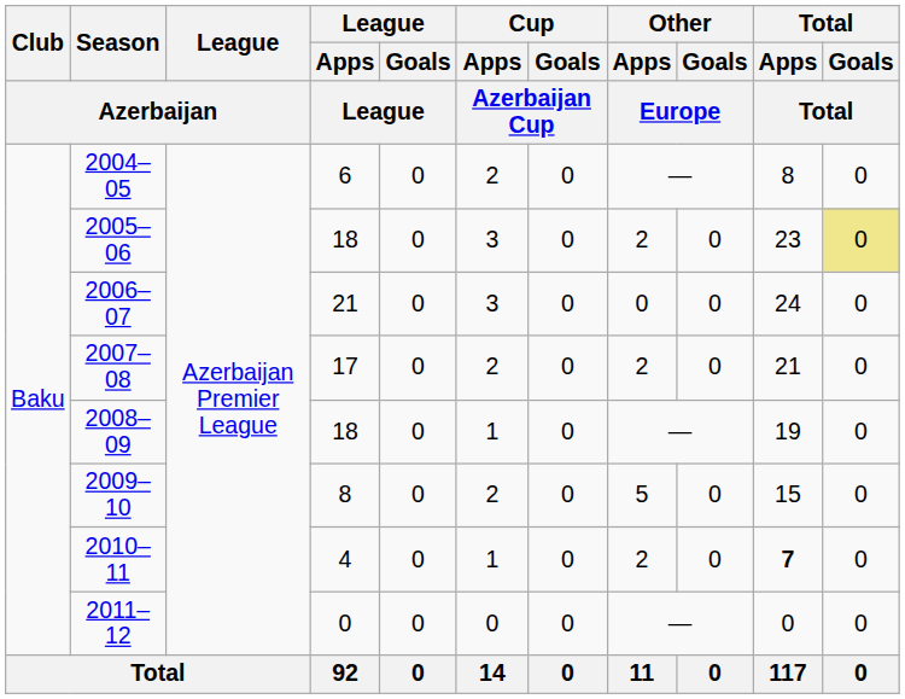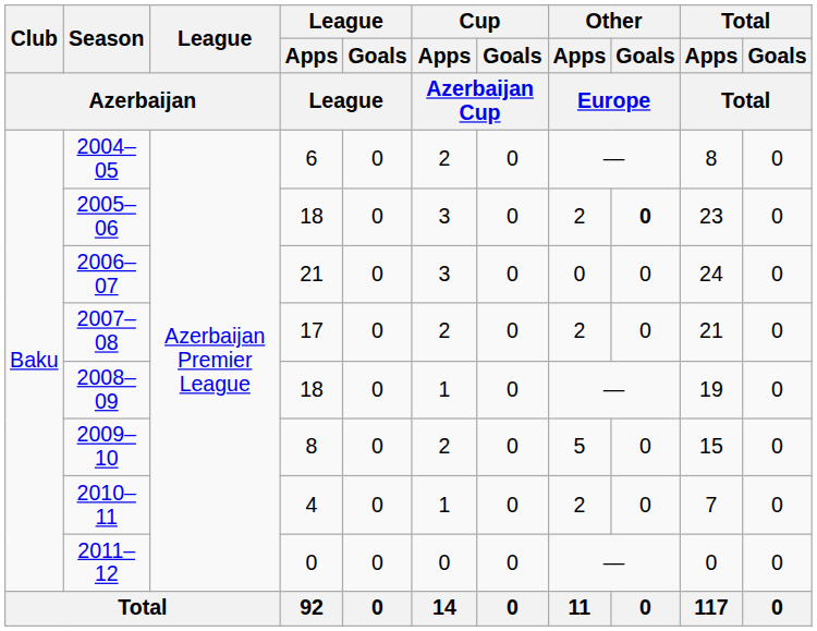 <table class="wikitable" style="text-align:center">
 <tr>
 <th rowspan="2">Club</th>
 <th rowspan="2">Season</th>
 <th rowspan="2">League</th>
 <th colspan="2">League</th>
 <th colspan="2">Cup</th>
 <th colspan="2">Other</th>
 <th colspan="3">Total</th>
 </tr>
 <tr>
 <th>Apps</th>
 <th>Goals</th>
 <th>Apps</th>
 <th>Goals</th>
 <th>Apps</th>
 <th>Goals</th>
 <th>Apps</th>
 <th>Goals</th>
 </tr>
 <tr>
 <th colspan="3">Azerbaijan</th>
 <th colspan="2">League</th>
 <th colspan="2"><a href='#'>Azerbaijan Cup</a></th>
 <th colspan="2"><a href='#'>Europe</a></th>
 <th colspan="3">Total</th>
 </tr>
 <tr>
 <td rowspan="8"><a href='#'>Baku</a></td>
 <td><a href='#'>2004–05</a></td>
 <td rowspan="8"><a href='#'>Azerbaijan Premier League</a></td>
 <td>6</td>
 <td>0</td>
 <td>2</td>
 <td>0</td>
 <td colspan="2">—</td>
 <td>8</td>
 <td>0</td>
 </tr>
 <tr>
 <td><a href='#'>2005–06</a></td>
 <td>18</td>
 <td>0</td>
 <td>3</td>
 <td>0</td>
 <td>2</td>
+<td><strong>0</strong></td>
+<td>23</td>
 <td>0</td>
-<td>23</td>
-<td style="background: khaki;">0</td>
 </tr>
 <tr>
 <td><a href='#'>2006–07</a></td>
 <td>21</td>
 <td>0</td>
 <td>3</td>
 <td>0</td>
 <td>0</td>
 <td>0</td>
 <td>24</td>
 <td>0</td>
 </tr>
 <tr>
 <td><a href='#'>2007–08</a></td>
 <td>17</td>
 <td>0</td>
 <td>2</td>
 <td>0</td>
 <td>2</td>
 <td>0</td>
 <td>21</td>
 <td>0</td>
 </tr>
 <tr>
 <td><a href='#'>2008–09</a></td>
 <td>18</td>
 <td>0</td>
 <td>1</td>
 <td>0</td>
 <td colspan="2">—</td>
 <td>19</td>
 <td>0</td>
 </tr>
 <tr>
 <td><a href='#'>2009–10</a></td>
 <td>8</td>
 <td>0</td>
 <td>2</td>
 <td>0</td>
 <td>5</td>
 <td>0</td>
 <td>15</td>
 <td>0</td>
 </tr>
 <tr>
 <td><a href='#'>2010–11</a></td>
 <td>4</td>
 <td>0</td>
 <td>1</td>
 <td>0</td>
 <td>2</td>
 <td>0</td>
-<td><strong>7</strong></td>
+<td>7</td>
 <td>0</td>
 </tr>
 <tr>
 <td><a href='#'>2011–12</a></td>
 <td>0</td>
 <td>0</td>
 <td>0</td>
 <td>0</td>
 <td colspan="2">—</td>
 <td>0</td>
 <td>0</td>
 </tr>
 <tr>
 <th colspan="3">Total</th>
 <th>92</th>
 <th>0</th>
 <th>14</th>
 <th>0</th>
 <th>11</th>
 <th>0</th>
 <th>117</th>
 <th>0</th>
 </tr>
 </table>
